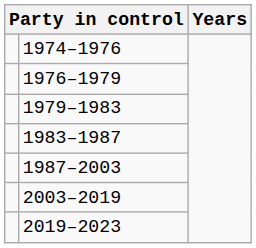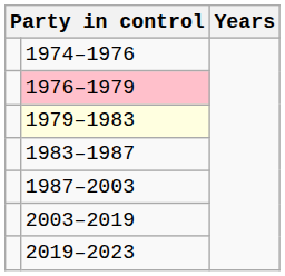 <table class="wikitable">
 <tr>
 <th colspan="2">Party in control</th>
 <th>Years</th>
 </tr>
 <tr>
 <td></td>
 <td>1974–1976</td>
 </tr>
 <tr>
 <td></td>
-<td>1976–1979</td>
+<td style="background: pink;">1976–1979</td>
 </tr>
 <tr>
 <td></td>
-<td>1979–1983</td>
+<td style="background: lightyellow;">1979–1983</td>
 </tr>
 <tr>
 <td></td>
 <td>1983–1987</td>
 </tr>
 <tr>
 <td></td>
 <td>1987–2003</td>
 </tr>
 <tr>
 <td></td>
 <td>2003–2019</td>
 </tr>
 <tr>
 <td></td>
 <td>2019–2023</td>
 </tr>
 </table>
